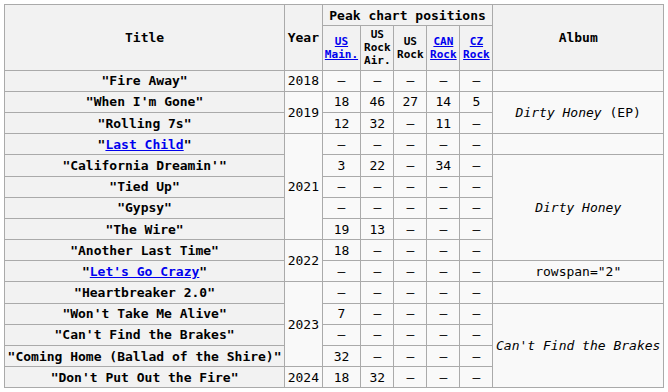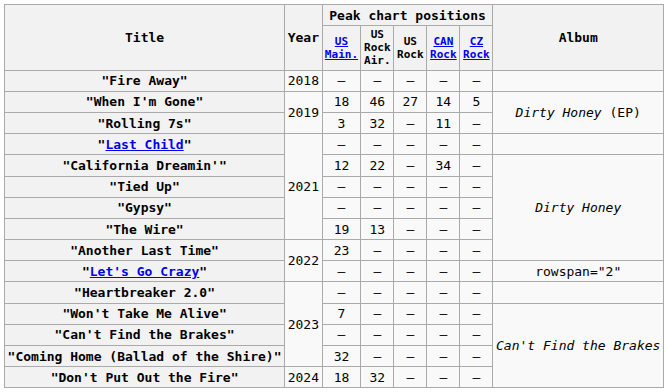 <table class="wikitable plainrowheaders" style="text-align:center;">
 <tr>
 <th scope="col" rowspan="2">Title</th>
 <th scope="col" rowspan="2">Year</th>
 <th scope="col" colspan="5">Peak chart positions</th>
 <th scope="col" rowspan="2">Album</th>
 </tr>
 <tr>
 <th scope="col" style="width:2.5em;font-size:85%;"><a href='#'>US<br>Main.</a></th>
 <th scope="col" style="width:2.5em;font-size:85%;">US<br>Rock<br>Air.<br></th>
 <th scope="col" style="width:2.5em;font-size:85%;">US<br>Rock<br></th>
 <th scope="col" style="width:2.5em;font-size:85%;"><a href='#'>CAN<br>Rock</a><br></th>
 <th scope="col" style="width:2.5em;font-size:85%;"><a href='#'>CZ<br>Rock</a><br></th>
 </tr>
 <tr>
 <th scope="row">"Fire Away"</th>
 <td>2018</td>
 <td>—</td>
 <td>—</td>
 <td>—</td>
 <td>—</td>
 <td>—</td>
 <td></td>
 </tr>
 <tr>
 <th scope="row">"When I'm Gone"</th>
 <td rowspan="2">2019</td>
 <td>18</td>
 <td>46</td>
 <td>27</td>
 <td>14</td>
 <td>5</td>
 <td rowspan="2"><em>Dirty Honey</em> (EP)</td>
 </tr>
 <tr>
 <th scope="row">"Rolling 7s"</th>
-<td>12</td>
+<td>3</td>
 <td>32</td>
 <td>—</td>
 <td>11</td>
 <td>—</td>
 </tr>
 <tr>
 <th scope="row">"<a href='#'>Last Child</a>"<br> </th>
 <td rowspan="5">2021</td>
 <td>—</td>
 <td>—</td>
 <td>—</td>
 <td>—</td>
 <td>—</td>
 <td></td>
 </tr>
 <tr>
 <th scope="row">"California Dreamin'"</th>
-<td>3</td>
+<td>12</td>
 <td>22</td>
 <td>—</td>
 <td>34</td>
 <td>—</td>
 <td rowspan="5"><em>Dirty Honey</em></td>
 </tr>
 <tr>
 <th scope="row">"Tied Up"</th>
 <td>—</td>
 <td>—</td>
 <td>—</td>
 <td>—</td>
 <td>—</td>
 </tr>
 <tr>
 <th scope="row">"Gypsy"</th>
 <td>—</td>
 <td>—</td>
 <td>—</td>
 <td>—</td>
 <td>—</td>
 </tr>
 <tr>
 <th scope="row">"The Wire"</th>
 <td>19</td>
 <td>13</td>
 <td>—</td>
 <td>—</td>
 <td>—</td>
 </tr>
 <tr>
 <th scope="row">"Another Last Time"</th>
 <td rowspan="2">2022</td>
-<td>18</td>
+<td>23</td>
 <td>—</td>
 <td>—</td>
 <td>—</td>
 <td>—</td>
 </tr>
 <tr>
 <th scope="row">"<a href='#'>Let's Go Crazy</a>"<br> </th>
 <td>—</td>
 <td>—</td>
 <td>—</td>
 <td>—</td>
 <td>—</td>
 <td>rowspan="2" </td>
 </tr>
 <tr>
 <th scope="row">"Heartbreaker 2.0"</th>
 <td rowspan="4">2023</td>
 <td>—</td>
 <td>—</td>
 <td>—</td>
 <td>—</td>
 <td>—</td>
 </tr>
 <tr>
 <th scope="row">"Won't Take Me Alive"</th>
 <td>7</td>
 <td>—</td>
 <td>—</td>
 <td>—</td>
 <td>—</td>
 <td rowspan="4"><em>Can't Find the Brakes</em></td>
 </tr>
 <tr>
 <th scope="row">"Can't Find the Brakes"</th>
 <td>—</td>
 <td>—</td>
 <td>—</td>
 <td>—</td>
 <td>—</td>
 </tr>
 <tr>
 <th scope="row">"Coming Home (Ballad of the Shire)"</th>
 <td>32</td>
 <td>—</td>
 <td>—</td>
 <td>—</td>
 <td>—</td>
 </tr>
 <tr>
 <th scope="row">"Don't Put Out the Fire"</th>
 <td>2024</td>
 <td>18</td>
 <td>32</td>
 <td>—</td>
 <td>—</td>
 <td>—</td>
 </tr>
 <tr>
 </tr>
 </table>
